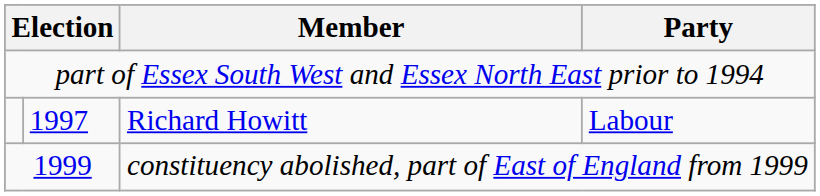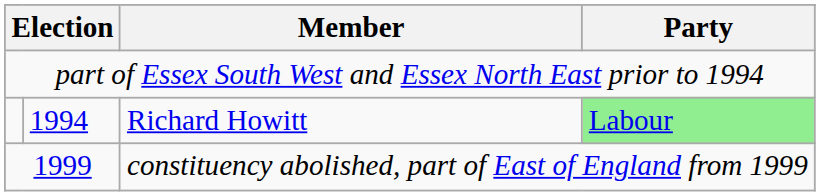 <table class="wikitable">
 <tr>
 <th colspan="2">Election</th>
 <th>Member</th>
 <th>Party</th>
 </tr>
 <tr>
 <td colspan="4" align="center"><em>part of <a href='#'>Essex South West</a> and <a href='#'>Essex North East</a> prior to 1994</em></td>
 </tr>
 <tr>
 <td style="background-color: "></td>
-<td><a href='#'>1997</a></td>
+<td><a href='#'>1994</a></td>
 <td><a href='#'>Richard Howitt</a></td>
-<td><a href='#'>Labour</a></td>
+<td style="background: lightgreen;"><a href='#'>Labour</a></td>
 </tr>
 <tr>
 <td colspan="2" align="center"><a href='#'>1999</a></td>
 <td colspan="2"><em>constituency abolished, part of <a href='#'>East of England</a> from 1999</em></td>
 </tr>
 </table>
